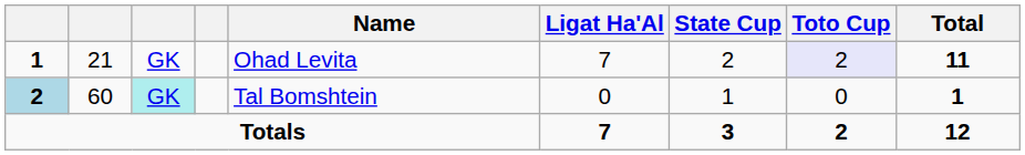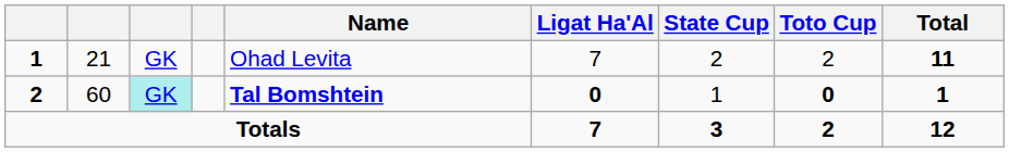 <table class="wikitable sortable" style="font-size: 95%; text-align: center;">
 <tr>
 <th width=35></th>
 <th width=35></th>
 <th width=35></th>
 <th width=15></th>
 <th width=200>Name</th>
 <th><a href='#'>Ligat Ha'Al</a></th>
 <th><a href='#'>State Cup</a></th>
 <th><a href='#'>Toto Cup</a></th>
 <th width= 75>Total</th>
 </tr>
 <tr>
 <td><strong>1</strong></td>
 <td>21</td>
 <td><a href='#'>GK</a></td>
 <td></td>
 <td align=left><a href='#'>Ohad Levita</a></td>
 <td>7</td>
 <td>2</td>
-<td style="background: lavender;">2</td>
+<td>2</td>
 <td><strong>11</strong></td>
 </tr>
 <tr>
-<td style="background: lightblue;"><strong>2</strong></td>
+<td><strong>2</strong></td>
 <td>60</td>
 <td style="background: paleturquoise;"><a href='#'>GK</a></td>
 <td></td>
-<td align=left><a href='#'>Tal Bomshtein</a></td>
-<td>0</td>
+<td align=left><strong><a href='#'>Tal Bomshtein</a></strong></td>
+<td><strong>0</strong></td>
 <td>1</td>
-<td>0</td>
+<td><strong>0</strong></td>
 <td><strong>1</strong></td>
 </tr>
 <tr>
 <td colspan=5><strong>Totals</strong></td>
 <td><strong>7</strong></td>
 <td><strong>3</strong></td>
 <td><strong>2</strong></td>
 <td><strong>12</strong></td>
 </tr>
 </table>
